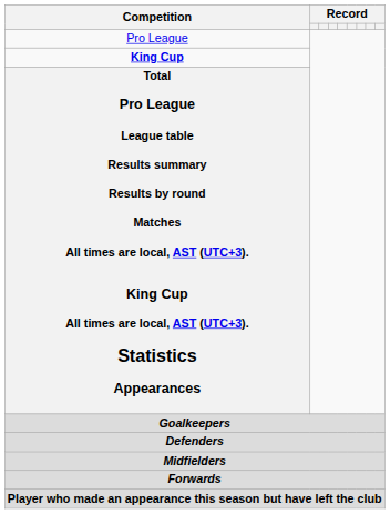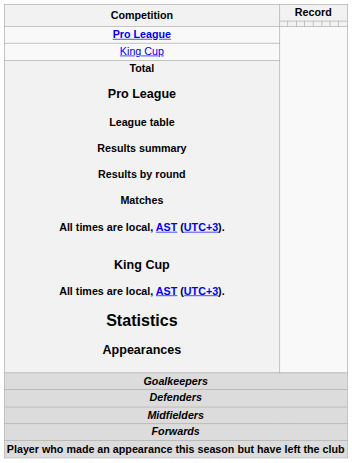 <table class="wikitable" style="text-align: center">
 <tr>
 <th rowspan=2>Competition</th>
 <th colspan=8>Record</th>
 </tr>
 <tr>
 <th></th>
 <th></th>
 <th></th>
 <th></th>
 <th></th>
 <th></th>
 <th></th>
 <th></th>
 </tr>
 <tr>
-<td><a href='#'>Pro League</a><br></td>
+<td><strong><a href='#'>Pro League</a><br></strong></td>
 </tr>
 <tr>
-<td><strong><a href='#'>King Cup</a><br></strong></td>
+<td><a href='#'>King Cup</a><br></td>
 </tr>
 <tr>
 <th>Total<br> <h3>Pro League</h3><h4>League table</h4><h4>Results summary</h4> <h4>Results by round</h4><h4>Matches</h4>All times are local, <a href='#'>AST</a> (<a href='#'>UTC+3</a>).<br>   <br>                                 <h3>King Cup</h3> All times are local, <a href='#'>AST</a> (<a href='#'>UTC+3</a>).<br><h2>Statistics</h2><h3>Appearances</h3></th>
 </tr>
 <tr>
 <th colspan=10 style=background:#dcdcdc; text-align:center><em>Goalkeepers</em><br>   </th>
 </tr>
 <tr>
 <th colspan=10 style=background:#dcdcdc; text-align:center><em>Defenders</em><br>         </th>
 </tr>
 <tr>
 <th colspan=10 style=background:#dcdcdc; text-align:center><em>Midfielders</em><br>            </th>
 </tr>
 <tr>
 <th colspan=10 style=background:#dcdcdc; text-align:center><em>Forwards</em><br>  </th>
 </tr>
 <tr>
 <th colspan=18 style=background:#dcdcdc; text-align:center>Player who made an appearance this season but have left the club<br>  </th>
 </tr>
 </table>
